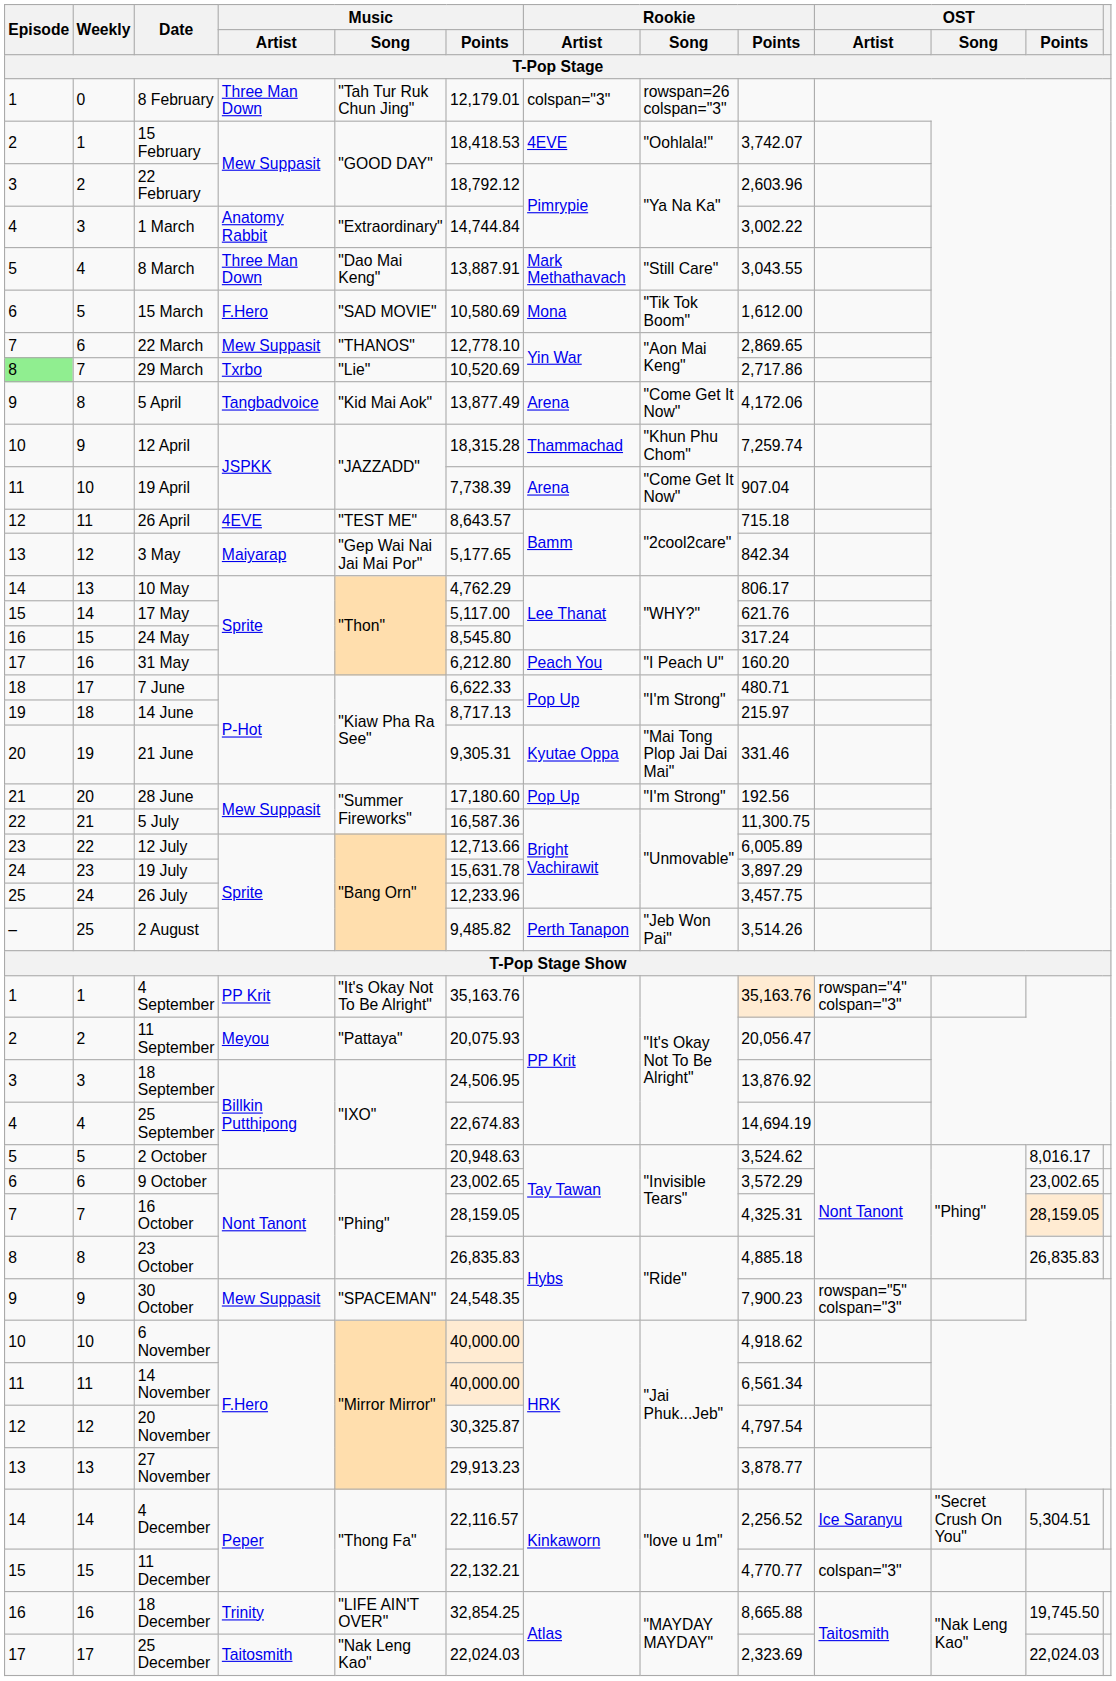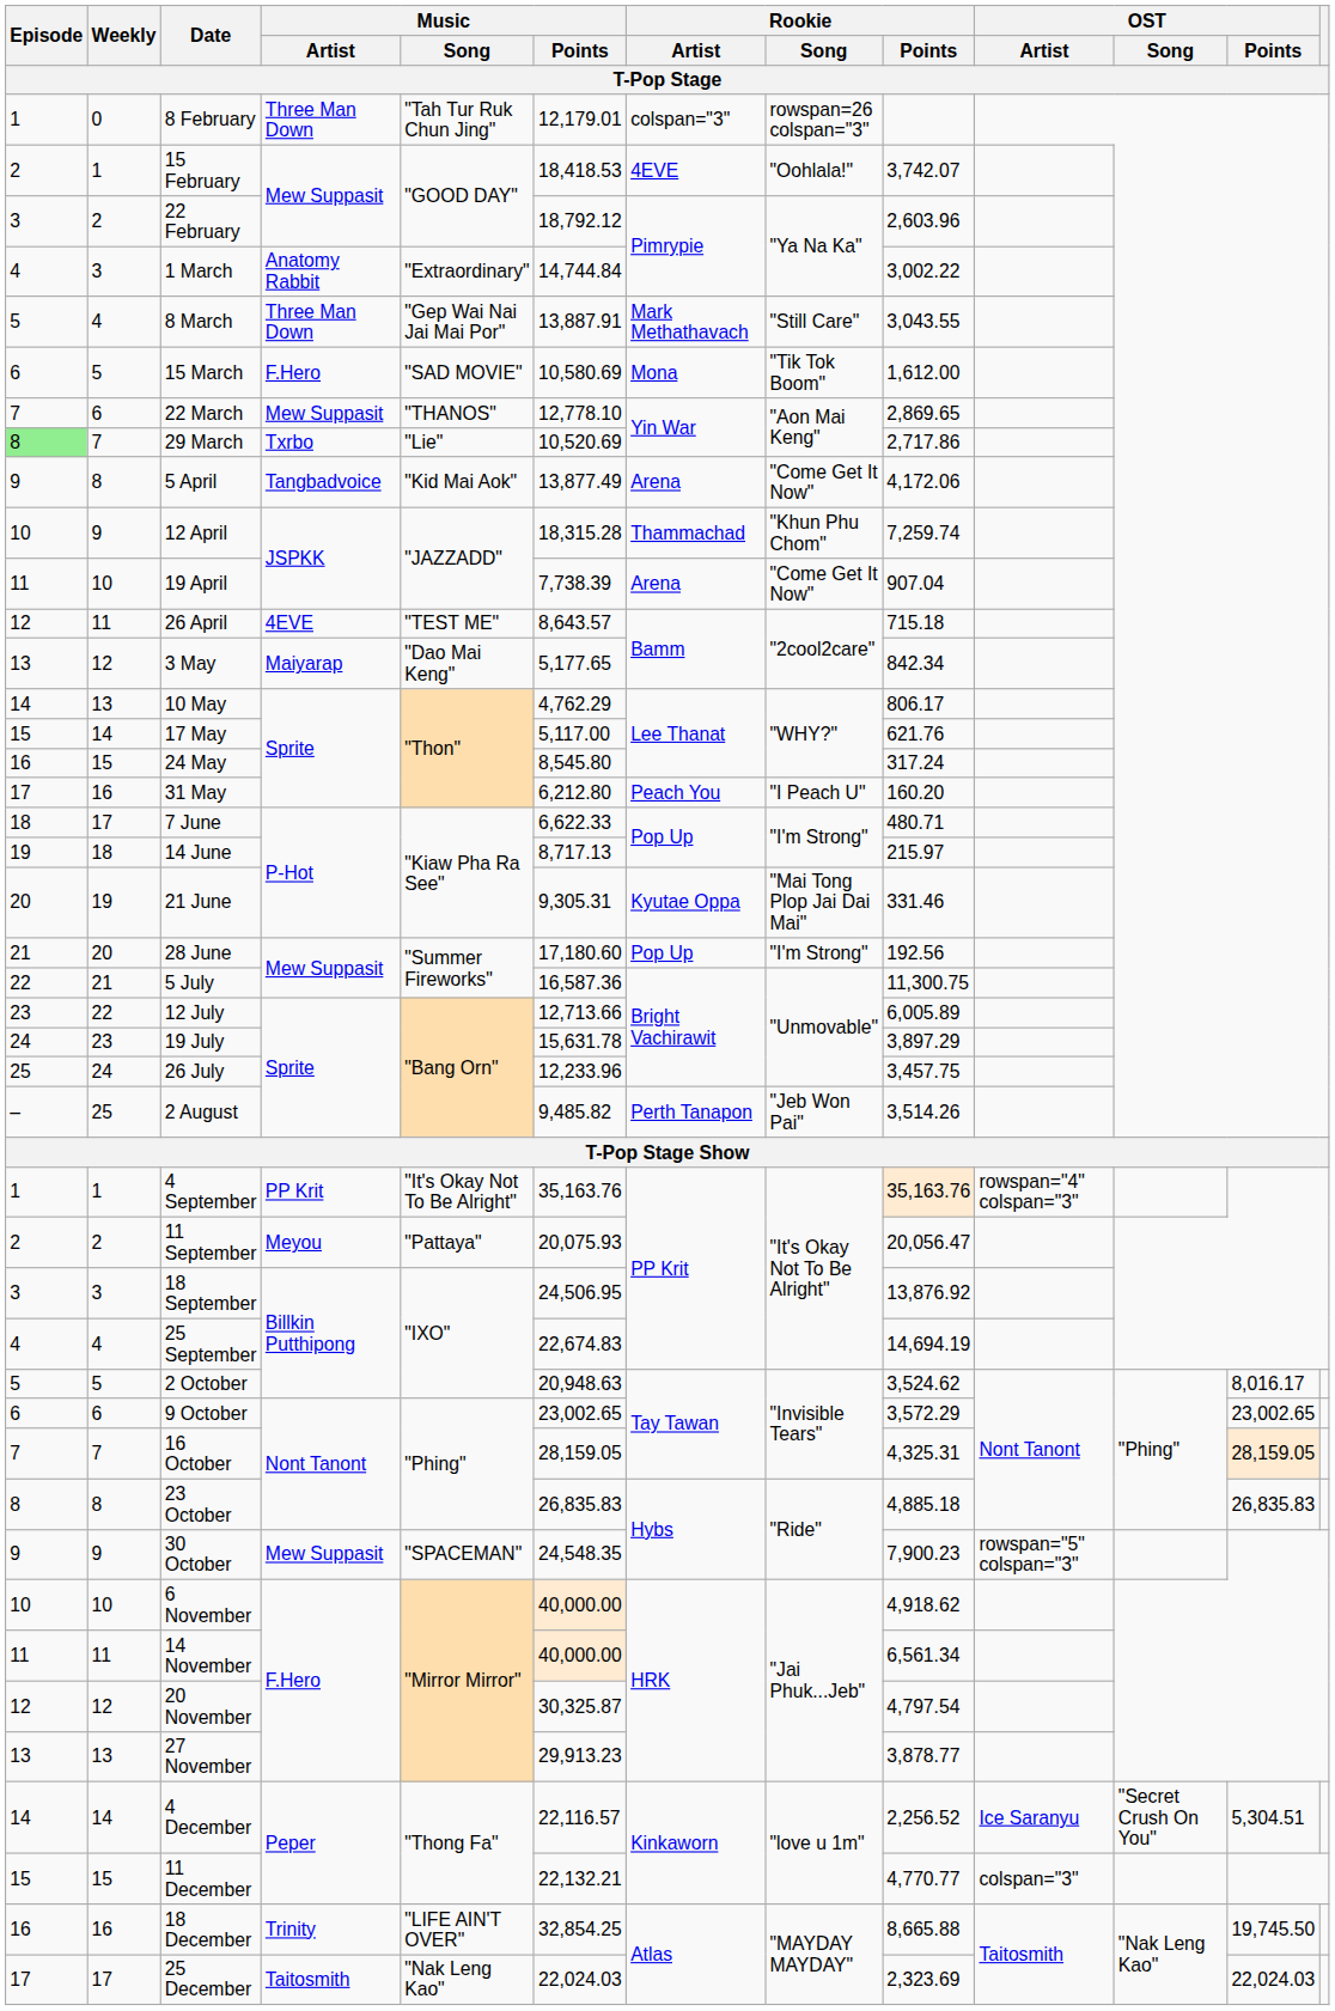 <table class="sortable wikitable" style="font-size: 90%;">
 <tr>
 <th rowspan="2">Episode</th>
 <th rowspan="2" scope="col" width="10">Weekly</th>
 <th scope="col" rowspan="2" width="50">Date</th>
 <th scope="col" colspan="3">Music</th>
 <th scope="col" colspan="3">Rookie</th>
 <th scope="col" colspan="3">OST</th>
 <th scope="col" rowspan="2"  width="1" class="unsortable"></th>
 </tr>
 <tr>
 <th width="100">Artist</th>
 <th width="80">Song</th>
 <th width="3">Points</th>
 <th width="100">Artist</th>
 <th width="80">Song</th>
 <th width="3">Points</th>
 <th width="100">Artist</th>
 <th width="80">Song</th>
 <th width="3">Points</th>
 </tr>
 <tr>
 <th colspan="13">T-Pop Stage</th>
 </tr>
 <tr>
 <td>1</td>
 <td>0</td>
 <td>8 February</td>
 <td><a href='#'>Three Man Down</a></td>
 <td>"Tah Tur Ruk Chun Jing"</td>
 <td>12,179.01</td>
 <td>colspan="3" </td>
 <td>rowspan=26 colspan="3" </td>
 <td></td>
 </tr>
 <tr>
 <td>2</td>
 <td>1</td>
 <td>15 February</td>
 <td rowspan=2><a href='#'>Mew Suppasit</a></td>
 <td rowspan=2>"GOOD DAY"</td>
 <td>18,418.53</td>
 <td><a href='#'>4EVE</a></td>
 <td>"Oohlala!"</td>
 <td>3,742.07</td>
 <td></td>
 </tr>
 <tr>
 <td>3</td>
 <td>2</td>
 <td>22 February</td>
 <td>18,792.12</td>
 <td rowspan="2"><a href='#'>Pimrypie</a></td>
 <td rowspan="2">"Ya Na Ka"</td>
 <td>2,603.96</td>
 <td></td>
 </tr>
 <tr>
 <td>4</td>
 <td>3</td>
 <td>1 March</td>
 <td><a href='#'>Anatomy Rabbit</a></td>
 <td>"Extraordinary"</td>
 <td>14,744.84</td>
 <td>3,002.22</td>
 <td></td>
 </tr>
 <tr>
 <td>5</td>
 <td>4</td>
 <td>8 March</td>
 <td><a href='#'>Three Man Down</a></td>
-<td>"Dao Mai Keng"</td>
+<td>"Gep Wai Nai Jai Mai Por"</td>
 <td>13,887.91</td>
 <td><a href='#'>Mark Methathavach</a></td>
 <td>"Still Care"</td>
 <td>3,043.55</td>
 <td></td>
 </tr>
 <tr>
 <td>6</td>
 <td>5</td>
 <td>15 March</td>
 <td><a href='#'>F.Hero</a> </td>
 <td>"SAD MOVIE"</td>
 <td>10,580.69</td>
 <td><a href='#'>Mona</a></td>
 <td>"Tik Tok Boom"</td>
 <td>1,612.00</td>
 <td></td>
 </tr>
 <tr>
 <td>7</td>
 <td>6</td>
 <td>22 March</td>
 <td><a href='#'>Mew Suppasit</a></td>
 <td>"THANOS"</td>
 <td>12,778.10</td>
 <td rowspan="2"><a href='#'>Yin War</a></td>
 <td rowspan="2">"Aon Mai Keng"</td>
 <td>2,869.65</td>
 <td></td>
 </tr>
 <tr>
 <td style="background: lightgreen;">8</td>
 <td>7</td>
 <td>29 March</td>
 <td><a href='#'>Txrbo</a> </td>
 <td>"Lie"</td>
 <td>10,520.69</td>
 <td>2,717.86</td>
 <td></td>
 </tr>
 <tr>
 <td>9</td>
 <td>8</td>
 <td>5 April</td>
 <td><a href='#'>Tangbadvoice</a> </td>
 <td>"Kid Mai Aok"</td>
 <td>13,877.49</td>
 <td><a href='#'>Arena</a></td>
 <td>"Come Get It Now"</td>
 <td>4,172.06</td>
 <td></td>
 </tr>
 <tr>
 <td>10</td>
 <td>9</td>
 <td>12 April</td>
 <td rowspan="2"><a href='#'>JSPKK</a> </td>
 <td rowspan="2">"JAZZADD"</td>
 <td>18,315.28</td>
 <td><a href='#'>Thammachad</a> </td>
 <td>"Khun Phu Chom"</td>
 <td>7,259.74</td>
 <td></td>
 </tr>
 <tr>
 <td>11</td>
 <td>10</td>
 <td>19 April</td>
 <td>7,738.39</td>
 <td><a href='#'>Arena</a></td>
 <td>"Come Get It Now"</td>
 <td>907.04</td>
 <td></td>
 </tr>
 <tr>
 <td>12</td>
 <td>11</td>
 <td>26 April</td>
 <td><a href='#'>4EVE</a></td>
 <td>"TEST ME"</td>
 <td>8,643.57</td>
 <td rowspan="2"><a href='#'>Bamm</a></td>
 <td rowspan="2">"2cool2care"</td>
 <td>715.18</td>
 <td></td>
 </tr>
 <tr>
 <td>13</td>
 <td>12</td>
 <td>3 May</td>
 <td><a href='#'>Maiyarap</a> </td>
-<td>"Gep Wai Nai Jai Mai Por"</td>
+<td>"Dao Mai Keng"</td>
 <td>5,177.65</td>
 <td>842.34</td>
 <td></td>
 </tr>
 <tr>
 <td>14</td>
 <td>13</td>
 <td>10 May</td>
 <td rowspan="4"><a href='#'>Sprite</a> </td>
 <td style="background-color:#FFDEAD"  rowspan="4">"Thon"</td>
 <td>4,762.29</td>
 <td rowspan="3"><a href='#'>Lee Thanat</a></td>
 <td rowspan="3">"WHY?"</td>
 <td>806.17</td>
 <td></td>
 </tr>
 <tr>
 <td>15</td>
 <td>14</td>
 <td>17 May</td>
 <td>5,117.00</td>
 <td>621.76</td>
 <td></td>
 </tr>
 <tr>
 <td>16</td>
 <td>15</td>
 <td>24 May</td>
 <td>8,545.80</td>
 <td>317.24</td>
 <td></td>
 </tr>
 <tr>
 <td>17</td>
 <td>16</td>
 <td>31 May</td>
 <td>6,212.80</td>
 <td><a href='#'>Peach You</a></td>
 <td>"I Peach U"</td>
 <td>160.20</td>
 <td></td>
 </tr>
 <tr>
 <td>18</td>
 <td>17</td>
 <td>7 June</td>
 <td rowspan="3"><a href='#'>P-Hot</a> </td>
 <td rowspan="3">"Kiaw Pha Ra See"</td>
 <td>6,622.33</td>
 <td rowspan="2"><a href='#'>Pop Up</a></td>
 <td rowspan="2">"I'm Strong"</td>
 <td>480.71</td>
 <td></td>
 </tr>
 <tr>
 <td>19</td>
 <td>18</td>
 <td>14 June</td>
 <td>8,717.13</td>
 <td>215.97</td>
 <td></td>
 </tr>
 <tr>
 <td>20</td>
 <td>19</td>
 <td>21 June</td>
 <td>9,305.31</td>
 <td><a href='#'>Kyutae Oppa</a></td>
 <td>"Mai Tong Plop Jai Dai Mai"</td>
 <td>331.46</td>
 <td></td>
 </tr>
 <tr>
 <td>21</td>
 <td>20</td>
 <td>28 June</td>
 <td rowspan="2"><a href='#'>Mew Suppasit</a></td>
 <td rowspan="2">"Summer Fireworks"</td>
 <td>17,180.60</td>
 <td><a href='#'>Pop Up</a></td>
 <td>"I'm Strong"</td>
 <td>192.56</td>
 <td></td>
 </tr>
 <tr>
 <td>22</td>
 <td>21</td>
 <td>5 July</td>
 <td>16,587.36</td>
 <td rowspan="4"><a href='#'>Bright Vachirawit</a></td>
 <td rowspan="4">"Unmovable"</td>
 <td>11,300.75</td>
 <td></td>
 </tr>
 <tr>
 <td>23</td>
 <td>22</td>
 <td>12 July</td>
 <td rowspan="4"><a href='#'>Sprite</a></td>
 <td style="background-color:#FFDEAD" rowspan="4">"Bang Orn"</td>
 <td>12,713.66</td>
 <td>6,005.89</td>
 <td></td>
 </tr>
 <tr>
 <td>24</td>
 <td>23</td>
 <td>19 July</td>
 <td>15,631.78</td>
 <td>3,897.29</td>
 <td></td>
 </tr>
 <tr>
 <td>25</td>
 <td>24</td>
 <td>26 July</td>
 <td>12,233.96</td>
 <td>3,457.75</td>
 <td></td>
 </tr>
 <tr>
 <td>–</td>
 <td>25</td>
 <td>2 August</td>
 <td>9,485.82</td>
 <td><a href='#'>Perth Tanapon</a></td>
 <td>"Jeb Won Pai"</td>
 <td>3,514.26</td>
 <td></td>
 </tr>
 <tr>
 <th colspan="13">T-Pop Stage Show</th>
 </tr>
 <tr>
 <td>1</td>
 <td>1</td>
 <td>4 September</td>
 <td><a href='#'>PP Krit</a></td>
 <td>"It's Okay Not To Be Alright"</td>
 <td>35,163.76</td>
 <td rowspan="4"><a href='#'>PP Krit</a></td>
 <td rowspan="4">"It's Okay Not To Be Alright"</td>
 <td style="background-color:#FFEBD2">35,163.76</td>
 <td>rowspan="4" colspan="3" </td>
 <td></td>
 </tr>
 <tr>
 <td>2</td>
 <td>2</td>
 <td>11 September</td>
 <td><a href='#'>Meyou</a></td>
 <td>"Pattaya"</td>
 <td>20,075.93</td>
 <td>20,056.47</td>
 <td></td>
 </tr>
 <tr>
 <td>3</td>
 <td>3</td>
 <td>18 September</td>
 <td rowspan="3"><a href='#'>Billkin Putthipong</a></td>
 <td rowspan="3">"IXO"</td>
 <td>24,506.95</td>
 <td>13,876.92</td>
 <td></td>
 </tr>
 <tr>
 <td>4</td>
 <td>4</td>
 <td>25 September</td>
 <td>22,674.83</td>
 <td>14,694.19</td>
 <td></td>
 </tr>
 <tr>
 <td>5</td>
 <td>5</td>
 <td>2 October</td>
 <td>20,948.63</td>
 <td rowspan="3"><a href='#'>Tay Tawan</a></td>
 <td rowspan="3">"Invisible Tears"</td>
 <td>3,524.62</td>
 <td rowspan="4"><a href='#'>Nont Tanont</a></td>
 <td rowspan="4">"Phing" </td>
 <td>8,016.17</td>
 <td></td>
 </tr>
 <tr>
 <td>6</td>
 <td>6</td>
 <td>9 October</td>
 <td rowspan="3"><a href='#'>Nont Tanont</a></td>
 <td rowspan="3">"Phing" </td>
 <td>23,002.65</td>
 <td>3,572.29</td>
 <td>23,002.65</td>
 <td></td>
 </tr>
 <tr>
 <td>7</td>
 <td>7</td>
 <td>16 October</td>
 <td>28,159.05</td>
 <td>4,325.31</td>
 <td style="background-color:#FFEBD2">28,159.05</td>
 <td></td>
 </tr>
 <tr>
 <td>8</td>
 <td>8</td>
 <td>23 October</td>
 <td>26,835.83</td>
 <td rowspan="2"><a href='#'>Hybs</a></td>
 <td rowspan="2">"Ride"</td>
 <td>4,885.18</td>
 <td>26,835.83</td>
 <td></td>
 </tr>
 <tr>
 <td>9</td>
 <td>9</td>
 <td>30 October</td>
 <td><a href='#'>Mew Suppasit</a></td>
 <td>"SPACEMAN"</td>
 <td>24,548.35</td>
 <td>7,900.23</td>
 <td>rowspan="5" colspan="3" </td>
 <td></td>
 </tr>
 <tr>
 <td>10</td>
 <td>10</td>
 <td>6 November</td>
 <td rowspan="4"><a href='#'>F.Hero</a> </td>
 <td style="background-color:#FFDEAD" rowspan="4">"Mirror Mirror"</td>
 <td style="background-color:#FFEBD2">40,000.00</td>
 <td rowspan="4"><a href='#'>HRK</a> </td>
 <td rowspan="4">"Jai Phuk...Jeb"</td>
 <td>4,918.62</td>
 <td></td>
 </tr>
 <tr>
 <td>11</td>
 <td>11</td>
 <td>14 November</td>
 <td style="background-color:#FFEBD2">40,000.00</td>
 <td>6,561.34</td>
 <td></td>
 </tr>
 <tr>
 <td>12</td>
 <td>12</td>
 <td>20 November</td>
 <td>30,325.87</td>
 <td>4,797.54</td>
 <td></td>
 </tr>
 <tr>
 <td>13</td>
 <td>13</td>
 <td>27 November</td>
 <td>29,913.23</td>
 <td>3,878.77</td>
 <td></td>
 </tr>
 <tr>
 <td>14</td>
 <td>14</td>
 <td>4 December</td>
 <td rowspan="2"><a href='#'>Peper</a></td>
 <td rowspan="2">"Thong Fa"</td>
 <td>22,116.57</td>
 <td rowspan="2"><a href='#'>Kinkaworn</a></td>
 <td rowspan="2">"love u 1m"</td>
 <td>2,256.52</td>
 <td><a href='#'>Ice Saranyu</a></td>
 <td>"Secret Crush On You" </td>
 <td>5,304.51</td>
 <td></td>
 </tr>
 <tr>
 <td>15</td>
 <td>15</td>
 <td>11 December</td>
 <td>22,132.21</td>
 <td>4,770.77</td>
 <td>colspan="3" </td>
 <td></td>
 </tr>
 <tr>
 <td>16</td>
 <td>16</td>
 <td>18 December</td>
 <td><a href='#'>Trinity</a></td>
 <td>"LIFE AIN'T OVER"</td>
 <td>32,854.25</td>
 <td rowspan="2"><a href='#'>Atlas</a></td>
 <td rowspan="2">"MAYDAY MAYDAY"</td>
 <td>8,665.88</td>
 <td rowspan="2"><a href='#'>Taitosmith</a> </td>
 <td rowspan="2">"Nak Leng Kao" </td>
 <td>19,745.50</td>
 <td></td>
 </tr>
 <tr>
 <td>17</td>
 <td>17</td>
 <td>25 December</td>
 <td><a href='#'>Taitosmith</a> </td>
 <td>"Nak Leng Kao" </td>
 <td>22,024.03</td>
 <td>2,323.69</td>
 <td>22,024.03</td>
 <td></td>
 </tr>
 </table>
